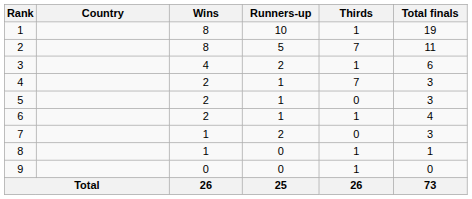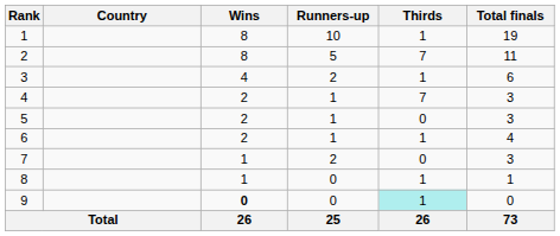 <table class="wikitable" style="text-align:center; font-size:90%;">
 <tr>
 <th>Rank</th>
 <th width=190>Country</th>
 <th width=100>Wins</th>
 <th width=100>Runners-up</th>
 <th width=100>Thirds</th>
 <th width=100>Total finals</th>
 </tr>
 <tr>
 <td>1</td>
 <td align=left></td>
 <td>8</td>
 <td>10</td>
 <td>1</td>
 <td>19</td>
 </tr>
 <tr>
 <td>2</td>
 <td align=left></td>
 <td>8</td>
 <td>5</td>
 <td>7</td>
 <td>11</td>
 </tr>
 <tr>
 <td>3</td>
 <td align=left></td>
 <td>4</td>
 <td>2</td>
 <td>1</td>
 <td>6</td>
 </tr>
 <tr>
 <td>4</td>
 <td align=left></td>
 <td>2</td>
 <td>1</td>
 <td>7</td>
 <td>3</td>
 </tr>
 <tr>
 <td>5</td>
 <td align=left></td>
 <td>2</td>
 <td>1</td>
 <td>0</td>
 <td>3</td>
 </tr>
 <tr>
 <td>6</td>
 <td align="left"></td>
 <td>2</td>
 <td>1</td>
 <td>1</td>
 <td>4</td>
 </tr>
 <tr>
 <td>7</td>
 <td align="left"></td>
 <td>1</td>
 <td>2</td>
 <td>0</td>
 <td>3</td>
 </tr>
 <tr>
 <td>8</td>
 <td align="left"></td>
 <td>1</td>
 <td>0</td>
 <td>1</td>
 <td>1</td>
 </tr>
 <tr>
 <td>9</td>
 <td align="left"></td>
+<td><strong>0</strong></td>
 <td>0</td>
-<td>0</td>
-<td>1</td>
+<td style="background: paleturquoise;">1</td>
 <td>0</td>
 </tr>
 <tr class="sortbottom">
 <th colspan=2>Total</th>
 <th>26</th>
 <th>25</th>
 <th>26</th>
 <th>73</th>
 </tr>
 </table>
